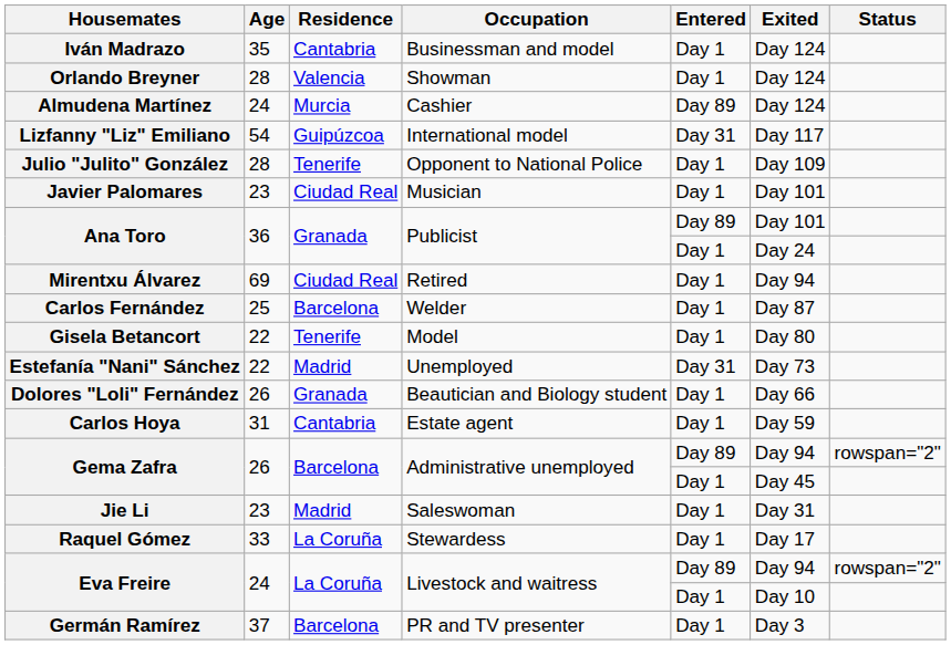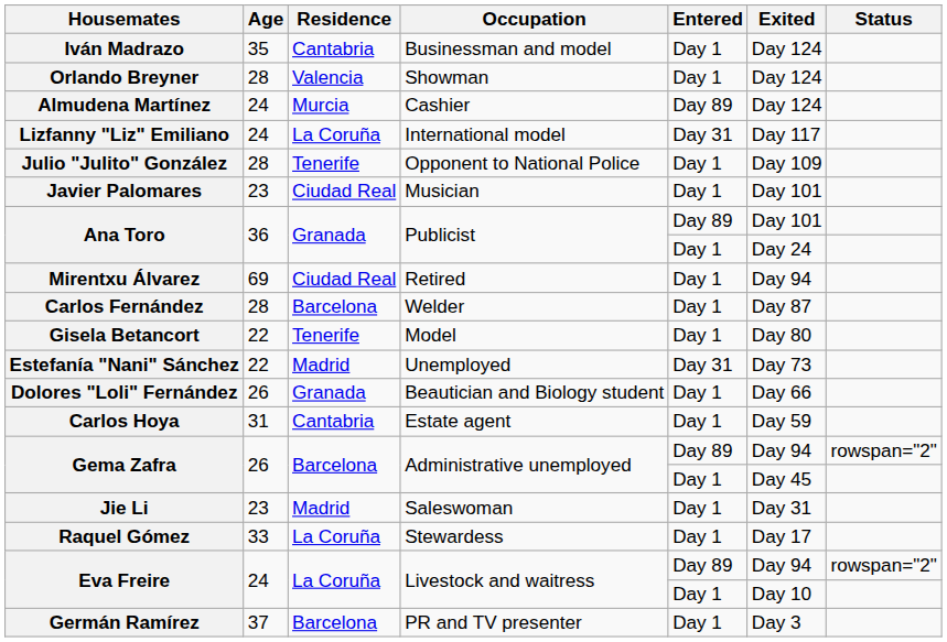 <table class="wikitable sortable" style="text-align:left; line-height:17px; width:auto;">
 <tr>
 <th>Housemates</th>
 <th>Age</th>
 <th>Residence</th>
 <th>Occupation</th>
 <th>Entered</th>
 <th>Exited</th>
 <th>Status</th>
 </tr>
 <tr>
 <th>Iván Madrazo</th>
 <td>35</td>
 <td><a href='#'>Cantabria</a></td>
 <td>Businessman and model</td>
 <td>Day 1</td>
 <td>Day 124</td>
 <td></td>
 </tr>
 <tr>
 <th>Orlando Breyner</th>
 <td>28</td>
 <td><a href='#'>Valencia</a></td>
 <td>Showman</td>
 <td>Day 1</td>
 <td>Day 124</td>
 <td></td>
 </tr>
 <tr>
 <th>Almudena Martínez</th>
 <td>24</td>
 <td><a href='#'>Murcia</a></td>
 <td>Cashier</td>
 <td>Day 89</td>
 <td>Day 124</td>
 <td></td>
 </tr>
 <tr>
 <th>Lizfanny "Liz" Emiliano</th>
-<td>54</td>
-<td><a href='#'>Guipúzcoa</a></td>
+<td>24</td>
+<td><a href='#'>La Coruña</a></td>
 <td>International model</td>
 <td>Day 31</td>
 <td>Day 117</td>
 <td></td>
 </tr>
 <tr>
 <th>Julio "Julito" González</th>
 <td>28</td>
 <td><a href='#'>Tenerife</a></td>
 <td>Opponent to National Police</td>
 <td>Day 1</td>
 <td>Day 109</td>
 <td></td>
 </tr>
 <tr>
 <th>Javier Palomares</th>
 <td>23</td>
 <td><a href='#'>Ciudad Real</a></td>
 <td>Musician</td>
 <td>Day 1</td>
 <td>Day 101</td>
 <td></td>
 </tr>
 <tr>
 <th rowspan="2">Ana Toro</th>
 <td rowspan="2">36</td>
 <td rowspan="2"><a href='#'>Granada</a></td>
 <td rowspan="2">Publicist</td>
 <td>Day 89</td>
 <td>Day 101</td>
 <td></td>
 </tr>
 <tr>
 <td>Day 1</td>
 <td>Day 24</td>
 <td></td>
 </tr>
 <tr>
 <th>Mirentxu Álvarez</th>
 <td>69</td>
 <td><a href='#'>Ciudad Real</a></td>
 <td>Retired</td>
 <td>Day 1</td>
 <td>Day 94</td>
 <td></td>
 </tr>
 <tr>
 <th>Carlos Fernández</th>
-<td>25</td>
+<td>28</td>
 <td><a href='#'>Barcelona</a></td>
 <td>Welder</td>
 <td>Day 1</td>
 <td>Day 87</td>
 <td></td>
 </tr>
 <tr>
 <th>Gisela Betancort</th>
 <td>22</td>
 <td><a href='#'>Tenerife</a></td>
 <td>Model</td>
 <td>Day 1</td>
 <td>Day 80</td>
 <td></td>
 </tr>
 <tr>
 <th>Estefanía "Nani" Sánchez</th>
 <td>22</td>
 <td><a href='#'>Madrid</a></td>
 <td>Unemployed</td>
 <td>Day 31</td>
 <td>Day 73</td>
 <td></td>
 </tr>
 <tr>
 <th>Dolores "Loli" Fernández</th>
 <td>26</td>
 <td><a href='#'>Granada</a></td>
 <td>Beautician and Biology student</td>
 <td>Day 1</td>
 <td>Day 66</td>
 <td></td>
 </tr>
 <tr>
 <th>Carlos Hoya</th>
 <td>31</td>
 <td><a href='#'>Cantabria</a></td>
 <td>Estate agent</td>
 <td>Day 1</td>
 <td>Day 59</td>
 <td></td>
 </tr>
 <tr>
 <th rowspan="2">Gema Zafra</th>
 <td rowspan="2">26</td>
 <td rowspan="2"><a href='#'>Barcelona</a></td>
 <td rowspan="2">Administrative unemployed</td>
 <td>Day 89</td>
 <td>Day 94</td>
 <td>rowspan="2" </td>
 </tr>
 <tr>
 <td>Day 1</td>
 <td>Day 45</td>
 </tr>
 <tr>
 <th>Jie Li</th>
 <td>23</td>
 <td><a href='#'>Madrid</a></td>
 <td>Saleswoman</td>
 <td>Day 1</td>
 <td>Day 31</td>
 <td></td>
 </tr>
 <tr>
 <th>Raquel Gómez</th>
 <td>33</td>
 <td><a href='#'>La Coruña</a></td>
 <td>Stewardess</td>
 <td>Day 1</td>
 <td>Day 17</td>
 <td></td>
 </tr>
 <tr>
 <th rowspan="2">Eva Freire</th>
 <td rowspan="2">24</td>
 <td rowspan="2"><a href='#'>La Coruña</a></td>
 <td rowspan="2">Livestock and waitress</td>
 <td>Day 89</td>
 <td>Day 94</td>
 <td>rowspan="2" </td>
 </tr>
 <tr>
 <td>Day 1</td>
 <td>Day 10</td>
 </tr>
 <tr>
 <th>Germán Ramírez</th>
 <td>37</td>
 <td><a href='#'>Barcelona</a></td>
 <td>PR and TV presenter</td>
 <td>Day 1</td>
 <td>Day 3</td>
 <td></td>
 </tr>
 </table>
